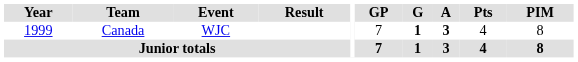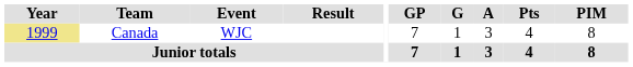 <table border="0" cellpadding="1" cellspacing="0" style="text-align:center; width:40em">
 <tr bgcolor="#e0e0e0">
 <th>Year</th>
 <th>Team</th>
 <th>Event</th>
 <th>Result</th>
 <th rowspan="99" bgcolor="#ffffff"></th>
 <th>GP</th>
 <th>G</th>
 <th>A</th>
 <th>Pts</th>
 <th>PIM</th>
 </tr>
 <tr>
-<td><a href='#'>1999</a></td>
+<td style="background: khaki;"><a href='#'>1999</a></td>
 <td><a href='#'>Canada</a></td>
 <td><a href='#'>WJC</a></td>
 <td></td>
 <td>7</td>
-<td><strong>1</strong></td>
-<td><strong>3</strong></td>
+<td>1</td>
+<td>3</td>
 <td>4</td>
 <td>8</td>
 </tr>
 <tr bgcolor="#e0e0e0">
 <th colspan="4">Junior totals</th>
 <th>7</th>
 <th>1</th>
 <th>3</th>
 <th>4</th>
 <th>8</th>
 </tr>
 </table>
